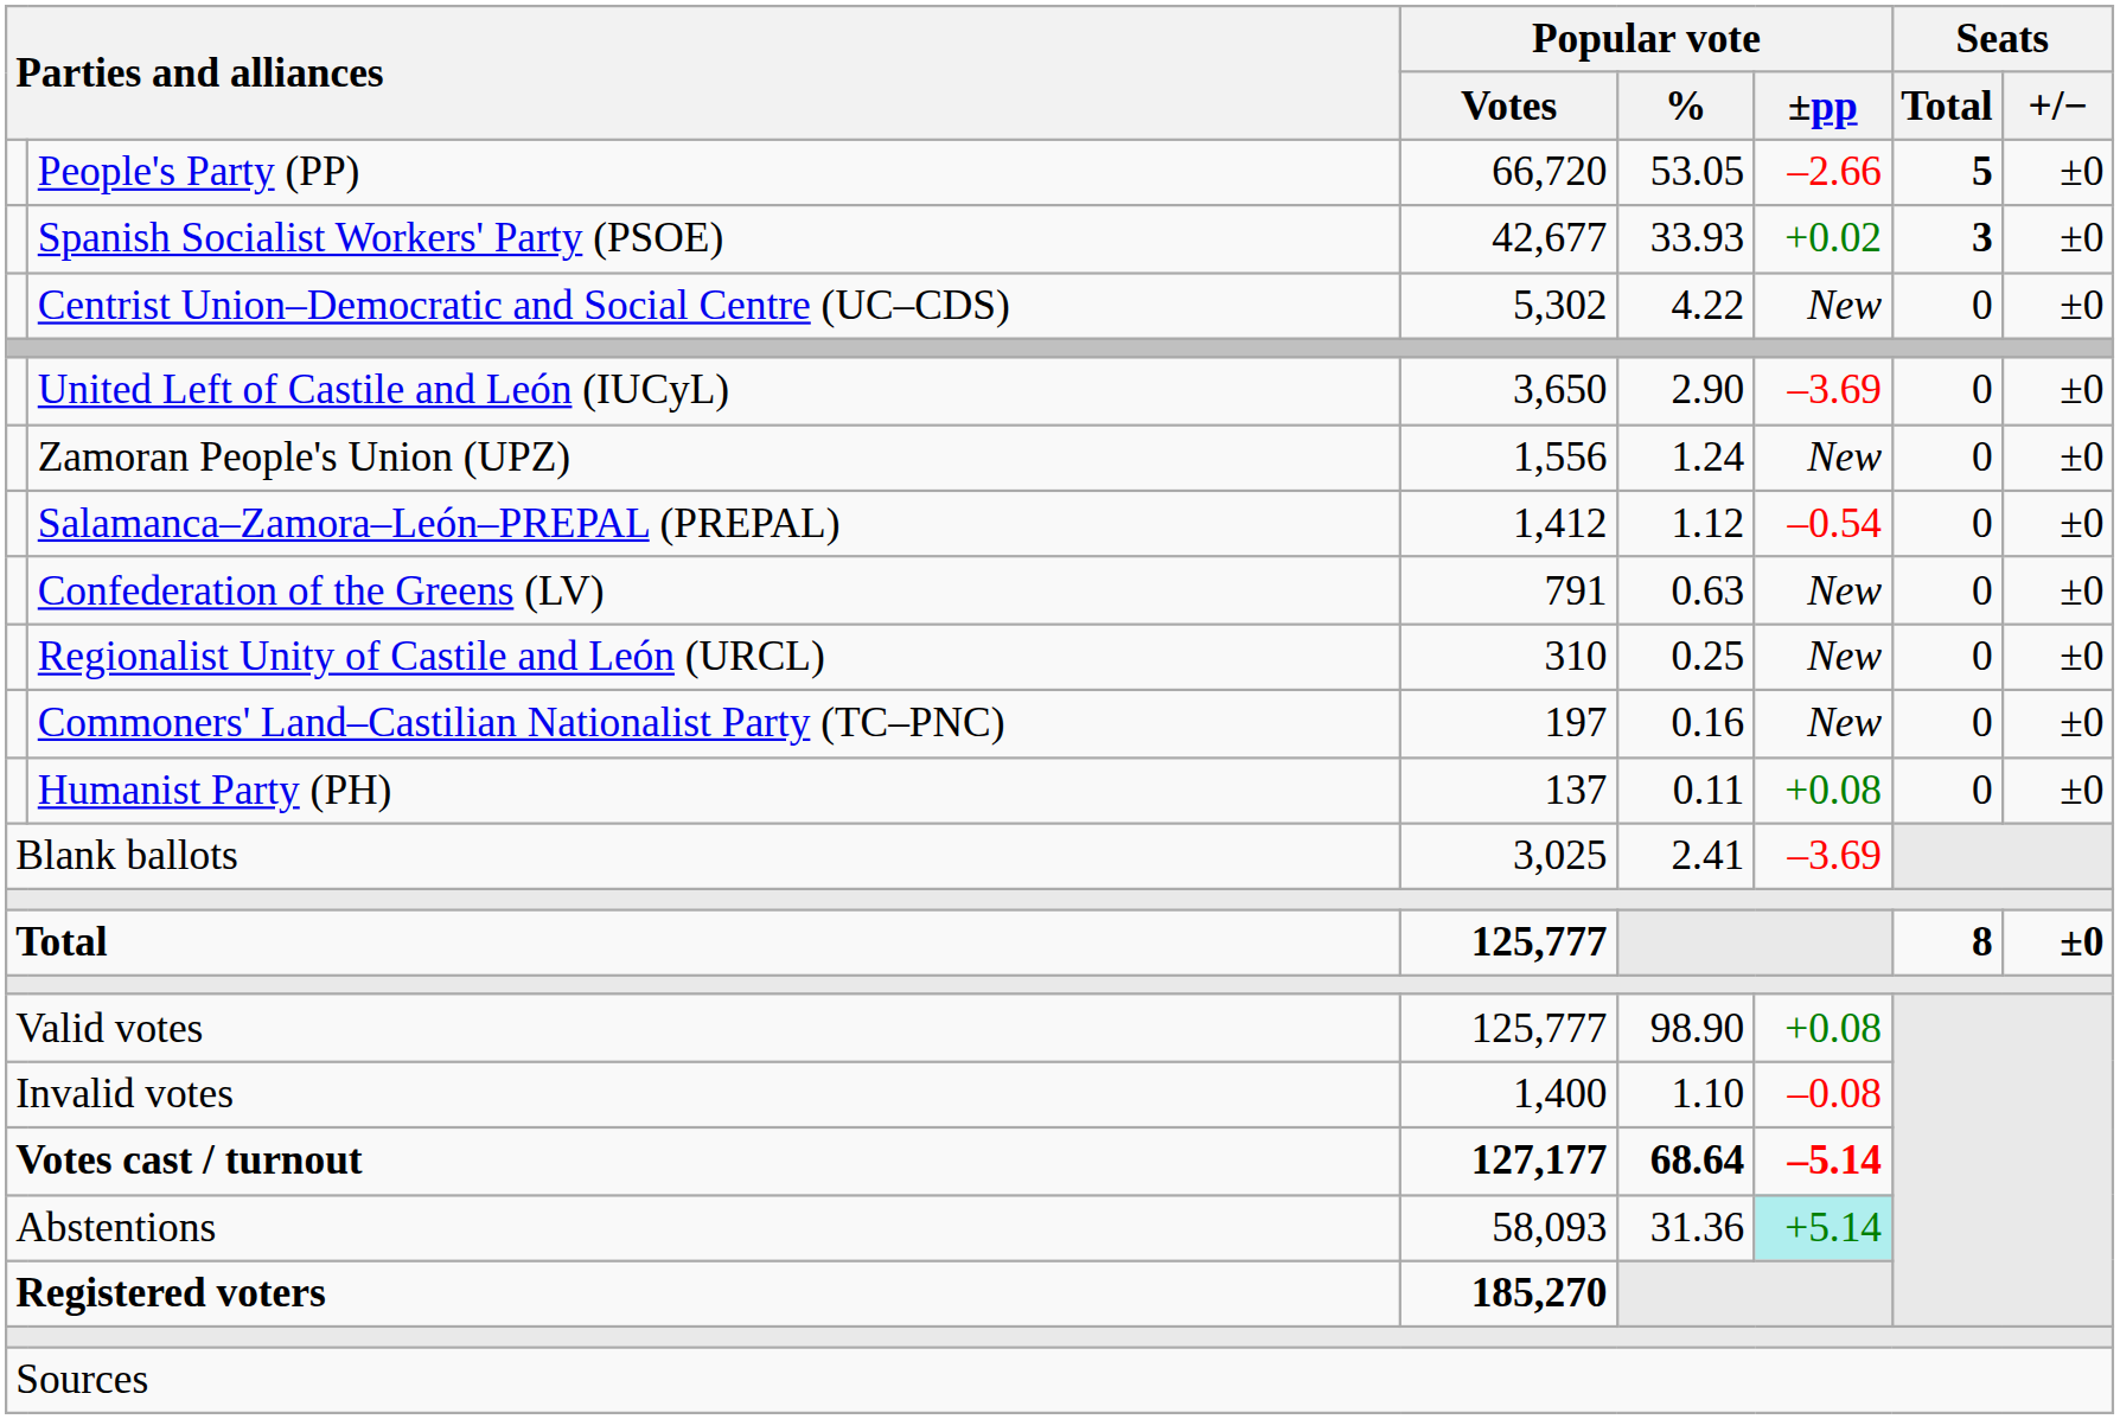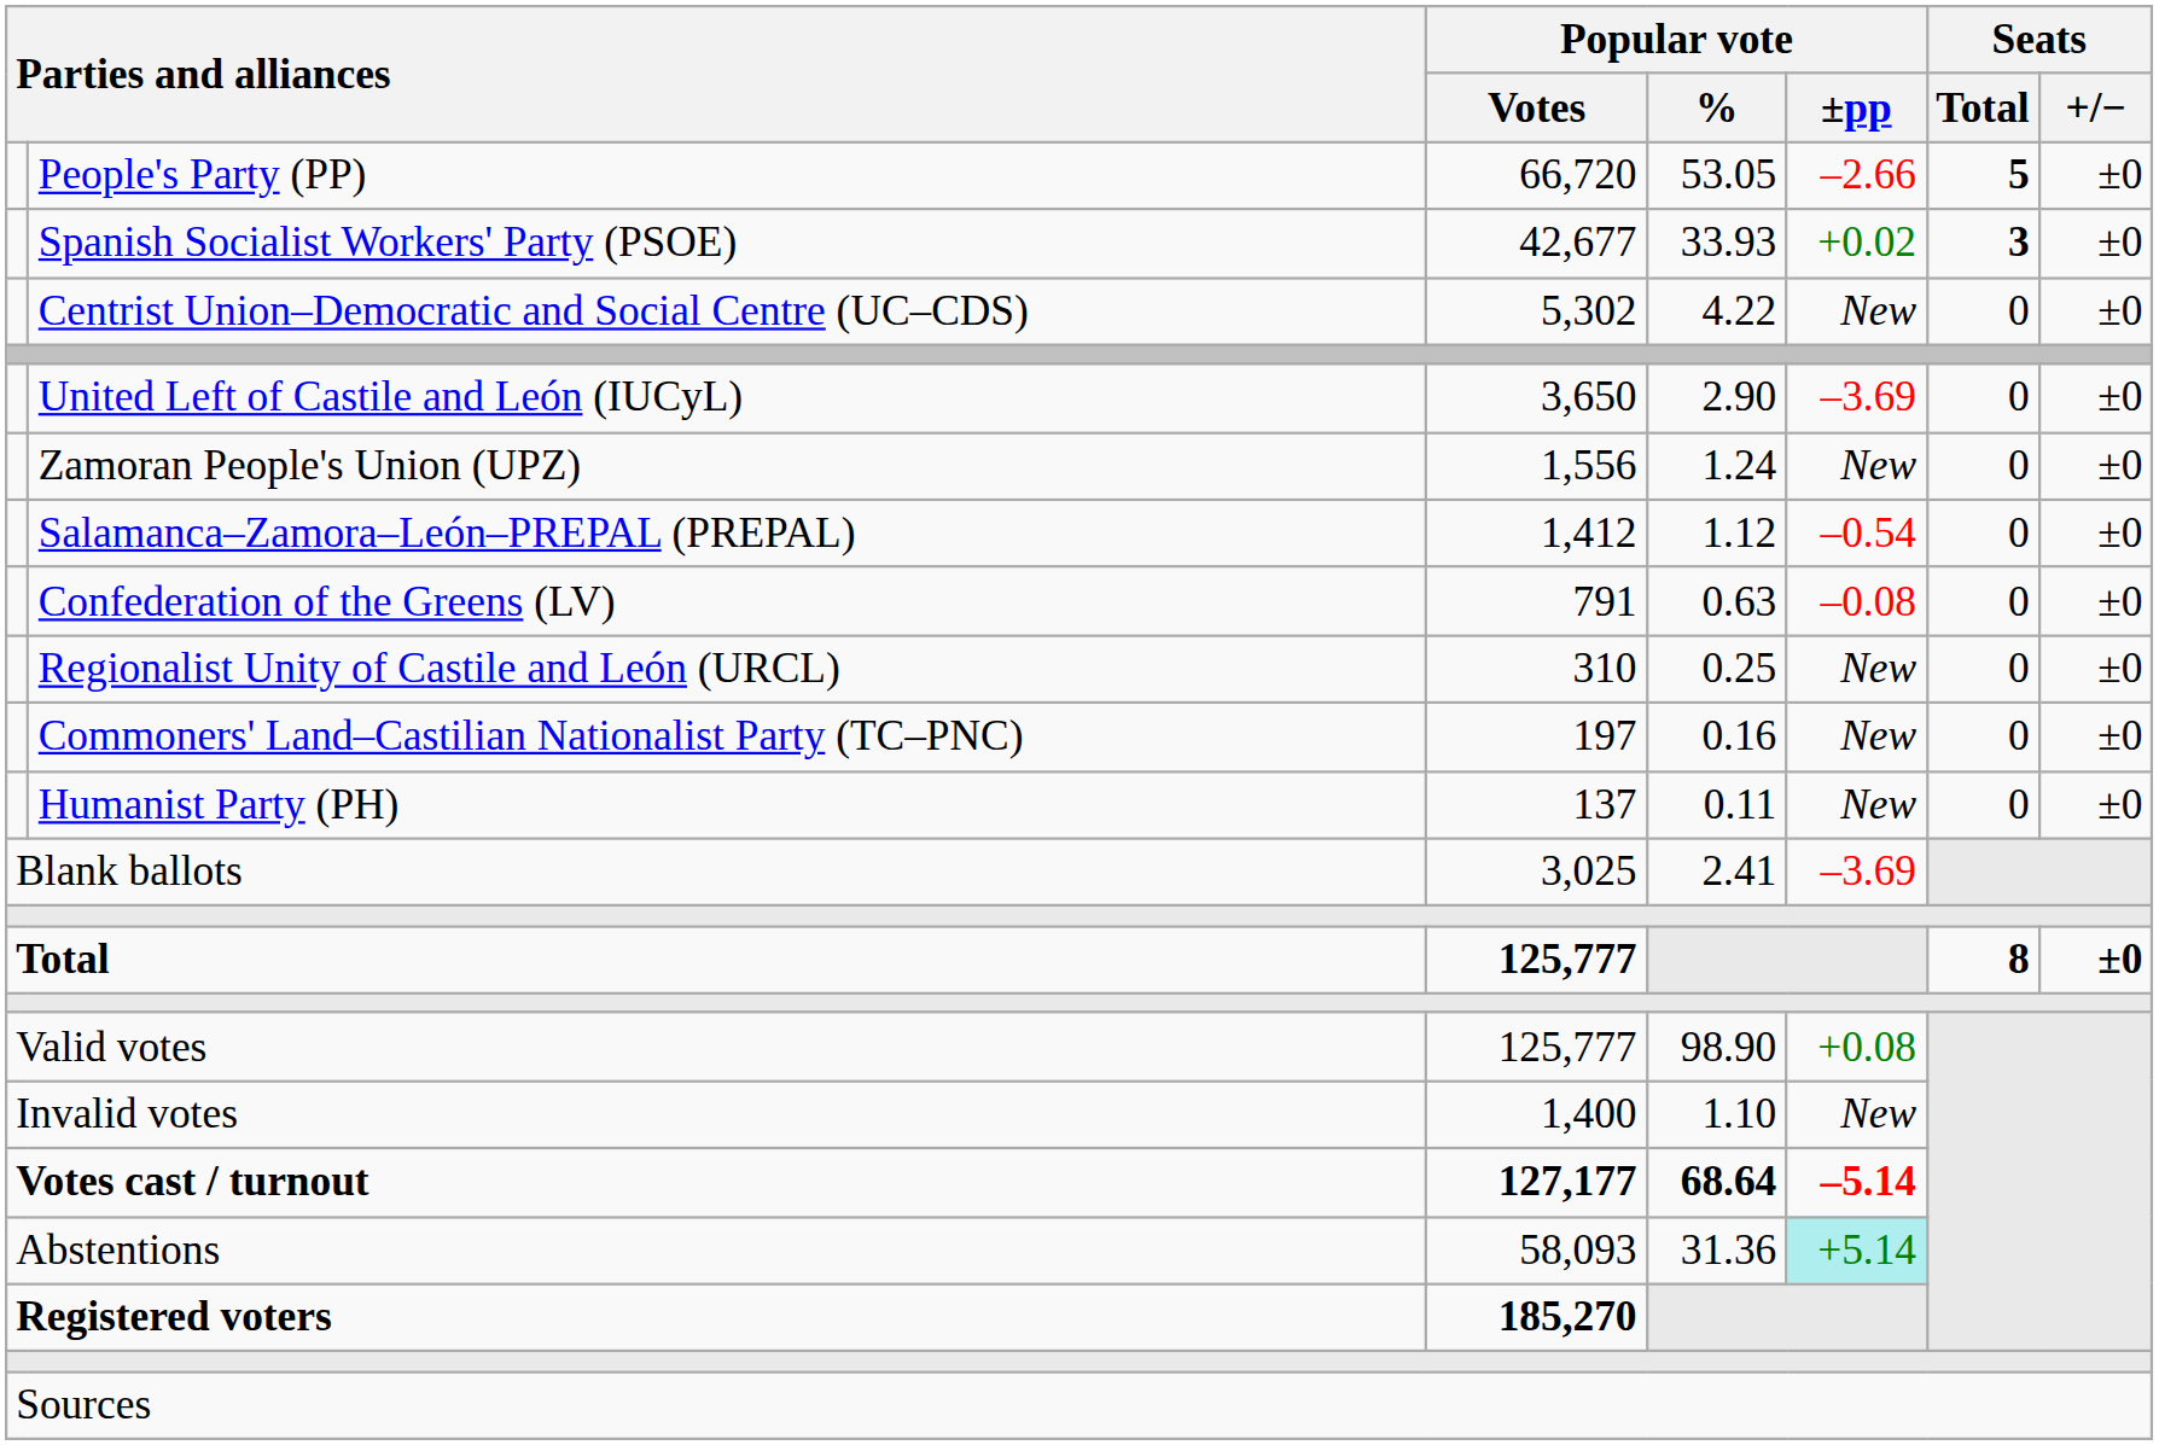 <table class="wikitable" style="text-align:right;">
 <tr>
 <th style="text-align:left;" rowspan="2" colspan="2" width="525">Parties and alliances</th>
 <th colspan="3">Popular vote</th>
 <th colspan="2">Seats</th>
 </tr>
 <tr>
 <th width="75">Votes</th>
 <th width="45">%</th>
 <th width="45">±<a href='#'>pp</a></th>
 <th width="35">Total</th>
 <th width="35">+/−</th>
 </tr>
 <tr>
 <td width="1" style="color:inherit;background:"></td>
 <td align="left"><a href='#'>People's Party</a> (PP)</td>
 <td>66,720</td>
 <td>53.05</td>
 <td style="color:red;">–2.66</td>
 <td><strong>5</strong></td>
 <td>±0</td>
 </tr>
 <tr>
 <td style="color:inherit;background:"></td>
 <td align="left"><a href='#'>Spanish Socialist Workers' Party</a> (PSOE)</td>
 <td>42,677</td>
 <td>33.93</td>
 <td style="color:green;">+0.02</td>
 <td><strong>3</strong></td>
 <td>±0</td>
 </tr>
 <tr>
 <td style="color:inherit;background:"></td>
 <td align="left"><a href='#'>Centrist Union–Democratic and Social Centre</a> (UC–CDS)</td>
 <td>5,302</td>
 <td>4.22</td>
 <td><em>New</em></td>
 <td>0</td>
 <td>±0</td>
 </tr>
 <tr>
 <td colspan="7" bgcolor="#C0C0C0"></td>
 </tr>
 <tr>
 <td style="color:inherit;background:"></td>
 <td align="left"><a href='#'>United Left of Castile and León</a> (IUCyL)</td>
 <td>3,650</td>
 <td>2.90</td>
 <td style="color:red;">–3.69</td>
 <td>0</td>
 <td>±0</td>
 </tr>
 <tr>
 <td style="color:inherit;background:"></td>
 <td align="left">Zamoran People's Union (UPZ)</td>
 <td>1,556</td>
 <td>1.24</td>
 <td><em>New</em></td>
 <td>0</td>
 <td>±0</td>
 </tr>
 <tr>
 <td style="color:inherit;background:"></td>
 <td align="left"><a href='#'>Salamanca–Zamora–León–PREPAL</a> (PREPAL)</td>
 <td>1,412</td>
 <td>1.12</td>
 <td style="color:red;">–0.54</td>
 <td>0</td>
 <td>±0</td>
 </tr>
 <tr>
 <td style="color:inherit;background:"></td>
 <td align="left"><a href='#'>Confederation of the Greens</a> (LV)</td>
 <td>791</td>
 <td>0.63</td>
-<td><em>New</em></td>
+<td style="color:red;">–0.08</td>
 <td>0</td>
 <td>±0</td>
 </tr>
 <tr>
 <td style="color:inherit;background:"></td>
 <td align="left"><a href='#'>Regionalist Unity of Castile and León</a> (URCL)</td>
 <td>310</td>
 <td>0.25</td>
 <td><em>New</em></td>
 <td>0</td>
 <td>±0</td>
 </tr>
 <tr>
 <td style="color:inherit;background:"></td>
 <td align="left"><a href='#'>Commoners' Land–Castilian Nationalist Party</a> (TC–PNC)</td>
 <td>197</td>
 <td>0.16</td>
 <td><em>New</em></td>
 <td>0</td>
 <td>±0</td>
 </tr>
 <tr>
 <td style="color:inherit;background:"></td>
 <td align="left"><a href='#'>Humanist Party</a> (PH)</td>
 <td>137</td>
 <td>0.11</td>
-<td style="color:green;">+0.08</td>
+<td><em>New</em></td>
 <td>0</td>
 <td>±0</td>
 </tr>
 <tr>
 <td align="left" colspan="2">Blank ballots</td>
 <td>3,025</td>
 <td>2.41</td>
 <td style="color:red;">–3.69</td>
 <td bgcolor="#E9E9E9" colspan="2"></td>
 </tr>
 <tr>
 <td colspan="7" bgcolor="#E9E9E9"></td>
 </tr>
 <tr style="font-weight:bold;">
 <td align="left" colspan="2">Total</td>
 <td>125,777</td>
 <td bgcolor="#E9E9E9" colspan="2"></td>
 <td>8</td>
 <td>±0</td>
 </tr>
 <tr>
 <td colspan="7" bgcolor="#E9E9E9"></td>
 </tr>
 <tr>
 <td align="left" colspan="2">Valid votes</td>
 <td>125,777</td>
 <td>98.90</td>
 <td style="color:green;">+0.08</td>
 <td bgcolor="#E9E9E9" colspan="2" rowspan="5"></td>
 </tr>
 <tr>
 <td align="left" colspan="2">Invalid votes</td>
 <td>1,400</td>
 <td>1.10</td>
-<td style="color:red;">–0.08</td>
+<td><em>New</em></td>
 </tr>
 <tr style="font-weight:bold;">
 <td align="left" colspan="2">Votes cast / turnout</td>
 <td>127,177</td>
 <td>68.64</td>
 <td style="color:red;">–5.14</td>
 </tr>
 <tr>
 <td align="left" colspan="2">Abstentions</td>
 <td>58,093</td>
 <td>31.36</td>
 <td style="background: paleturquoise; color:green;">+5.14</td>
 </tr>
 <tr style="font-weight:bold;">
 <td align="left" colspan="2">Registered voters</td>
 <td>185,270</td>
 <td bgcolor="#E9E9E9" colspan="2"></td>
 </tr>
 <tr>
 <td colspan="7" bgcolor="#E9E9E9"></td>
 </tr>
 <tr>
 <td align="left" colspan="7">Sources</td>
 </tr>
 </table>
